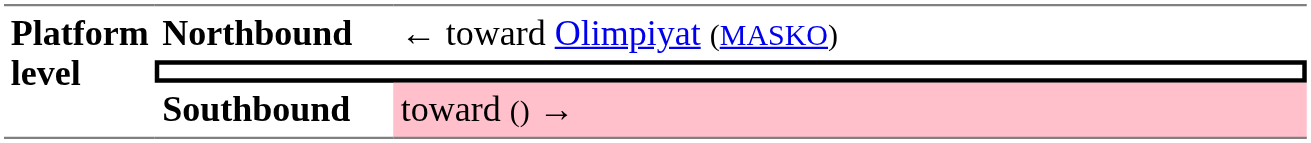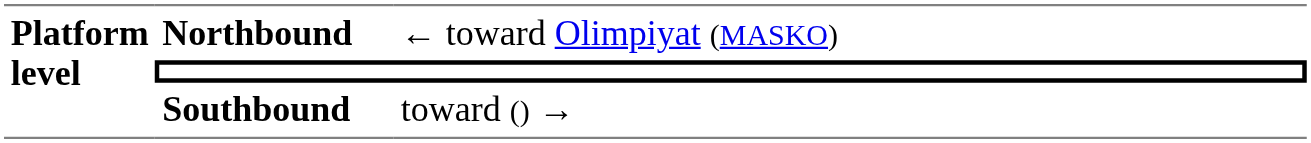 <table cellpadding="3" cellspacing="0" border="0">
 <tr>
 <td rowspan="3" width="50" style="border-top-color: gray; border-bottom-color: gray; border-top-width: 1px; border-bottom-width: 1px; border-top-style: solid; border-bottom-style: solid;" valign="top"><strong>Platform level</strong></td>
 <td width="100" style="border-top-color: gray; border-top-width: 1px; border-top-style: solid;"><strong>Northbound</strong></td>
 <td width="400" style="border-top-color: gray; border-top-width: 1px; border-top-style: solid;">←  toward <a href='#'>Olimpiyat</a> <small>(<a href='#'>MASKO</a>)</small></td>
 </tr>
 <tr>
 <td colspan="2" style="border: 2px solid black; border-image: none; text-align: center;"></td>
 </tr>
 <tr>
 <td style="border-bottom-color: gray; border-bottom-width: 1px; border-bottom-style: solid;"><strong>Southbound</strong></td>
-<td style="background: pink; border-bottom-color: gray; border-bottom-width: 1px; border-bottom-style: solid;"> toward  <small>()</small> →</td>
+<td style="border-bottom-color: gray; border-bottom-width: 1px; border-bottom-style: solid;"> toward  <small>()</small> →</td>
 </tr>
 </table>
